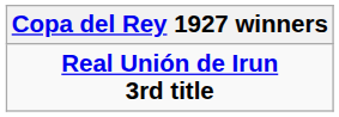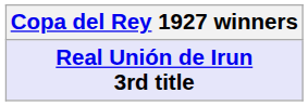 <table class="wikitable" style="text-align: center; margin: 0 auto;">
 <tr>
 <th><a href='#'>Copa del Rey</a> 1927 winners</th>
 </tr>
 <tr>
-<td><strong><a href='#'>Real Unión de Irun</a></strong><br><strong>3rd title</strong></td>
+<td style="background: lavender;"><strong><a href='#'>Real Unión de Irun</a></strong><br><strong>3rd title</strong></td>
 </tr>
 </table>
